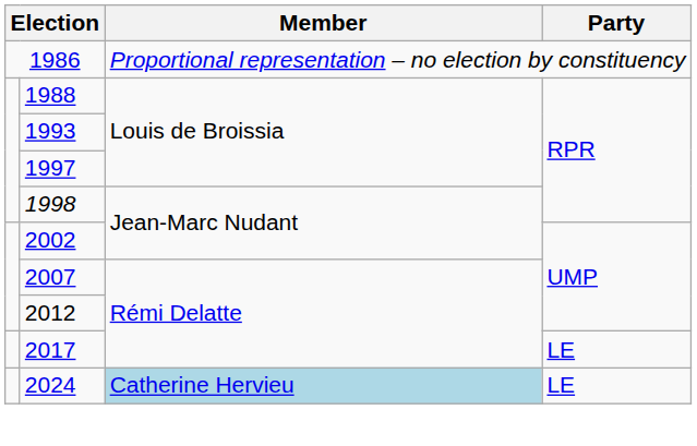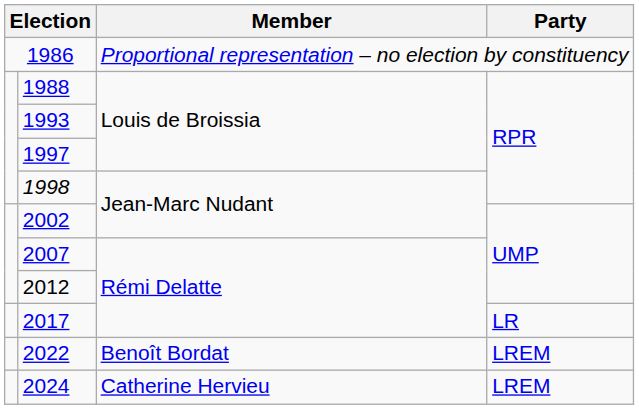 <table class="wikitable">
 <tr>
 <th colspan="2">Election</th>
 <th>Member</th>
 <th>Party</th>
 </tr>
 <tr>
 <td colspan="2" align="center"><a href='#'>1986</a></td>
 <td colspan="2"><em><a href='#'>Proportional representation</a> – no election by constituency</em></td>
 </tr>
 <tr>
 <td rowspan="4" style="color:inherit;background-color: "></td>
 <td><a href='#'>1988</a></td>
 <td rowspan="3">Louis de Broissia</td>
 <td rowspan="4"><a href='#'>RPR</a></td>
 </tr>
 <tr>
 <td><a href='#'>1993</a></td>
 </tr>
 <tr>
 <td><a href='#'>1997</a></td>
 </tr>
 <tr>
 <td><em>1998</em></td>
 <td rowspan="2">Jean-Marc Nudant</td>
 </tr>
 <tr>
 <td rowspan="3" style="color:inherit;background-color: "></td>
 <td><a href='#'>2002</a></td>
 <td rowspan="3"><a href='#'>UMP</a></td>
 </tr>
 <tr>
 <td><a href='#'>2007</a></td>
 <td rowspan="3"><a href='#'>Rémi Delatte</a></td>
 </tr>
 <tr>
 <td>2012</td>
 </tr>
 <tr>
 <td style="color:inherit;background-color: "></td>
 <td><a href='#'>2017</a></td>
-<td><a href='#'>LE</a></td>
+<td><a href='#'>LR</a></td>
+</tr>
+<tr>
+<td style="color:inherit;background-color: "></td>
+<td><a href='#'>2022</a></td>
+<td><a href='#'>Benoît Bordat</a></td>
+<td><a href='#'>LREM</a></td>
 </tr>
 <tr>
 <td style="color:inherit;background-color: "></td>
 <td><a href='#'>2024</a></td>
-<td style="background: lightblue;"><a href='#'>Catherine Hervieu</a></td>
-<td><a href='#'>LE</a></td>
+<td><a href='#'>Catherine Hervieu</a></td>
+<td><a href='#'>LREM</a></td>
 </tr>
 </table>
